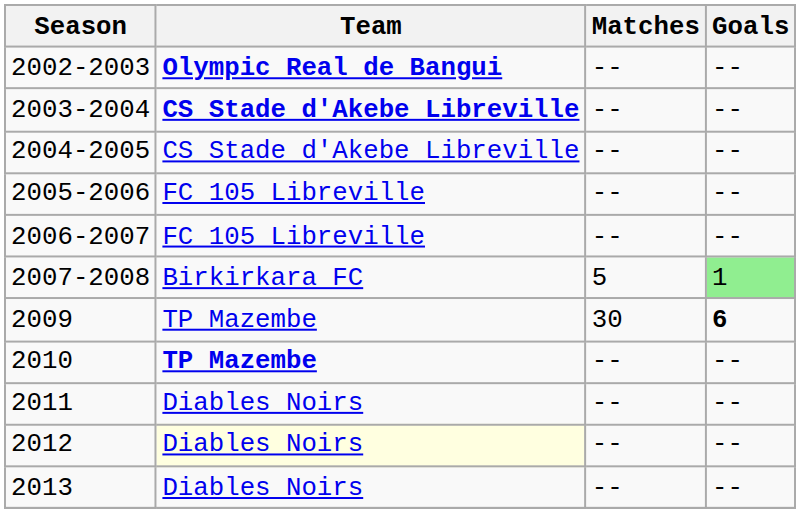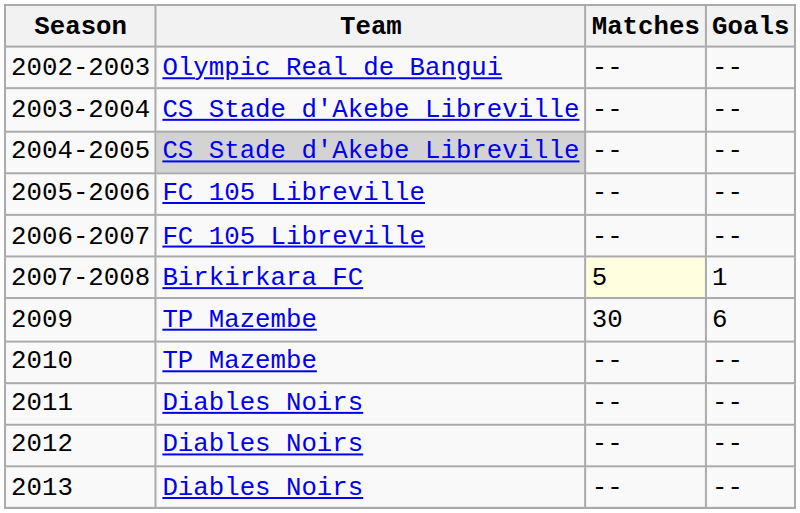 <table class="wikitable">
 <tr>
 <th>Season</th>
 <th>Team</th>
 <th>Matches</th>
 <th>Goals</th>
 </tr>
 <tr>
 <td>2002-2003</td>
-<td><strong> <a href='#'>Olympic Real de Bangui</a></strong></td>
+<td> <a href='#'>Olympic Real de Bangui</a></td>
 <td>--</td>
 <td>--</td>
 </tr>
 <tr>
 <td>2003-2004</td>
-<td><strong> <a href='#'>CS Stade d'Akebe Libreville</a></strong></td>
+<td> <a href='#'>CS Stade d'Akebe Libreville</a></td>
 <td>--</td>
 <td>--</td>
 </tr>
 <tr>
 <td>2004-2005</td>
-<td> <a href='#'>CS Stade d'Akebe Libreville</a></td>
+<td style="background: lightgrey;"> <a href='#'>CS Stade d'Akebe Libreville</a></td>
 <td>--</td>
 <td>--</td>
 </tr>
 <tr>
 <td>2005-2006</td>
 <td> <a href='#'>FC 105 Libreville</a></td>
 <td>--</td>
 <td>--</td>
 </tr>
 <tr>
 <td>2006-2007</td>
 <td> <a href='#'>FC 105 Libreville</a></td>
 <td>--</td>
 <td>--</td>
 </tr>
 <tr>
 <td>2007-2008</td>
 <td> <a href='#'>Birkirkara FC</a></td>
-<td>5</td>
-<td style="background: lightgreen;">1</td>
+<td style="background: lightyellow;">5</td>
+<td>1</td>
 </tr>
 <tr>
 <td>2009</td>
 <td> <a href='#'>TP Mazembe</a></td>
 <td>30</td>
-<td><strong>6</strong></td>
+<td>6</td>
 </tr>
 <tr>
 <td>2010</td>
-<td><strong> <a href='#'>TP Mazembe</a></strong></td>
+<td> <a href='#'>TP Mazembe</a></td>
 <td>--</td>
 <td>--</td>
 </tr>
 <tr>
 <td>2011</td>
 <td> <a href='#'>Diables Noirs</a></td>
 <td>--</td>
 <td>--</td>
 </tr>
 <tr>
 <td>2012</td>
-<td style="background: lightyellow;"> <a href='#'>Diables Noirs</a></td>
+<td> <a href='#'>Diables Noirs</a></td>
 <td>--</td>
 <td>--</td>
 </tr>
 <tr>
 <td>2013</td>
 <td> <a href='#'>Diables Noirs</a></td>
 <td>--</td>
 <td>--</td>
 </tr>
 <tr>
 </tr>
 </table>
